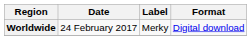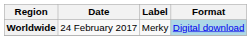 <table class="wikitable plainrowheaders">
 <tr>
 <th scope="col">Region</th>
 <th scope="col">Date</th>
 <th scope="col">Label</th>
 <th scope="col">Format</th>
 </tr>
 <tr>
 <th scope="row">Worldwide</th>
 <td>24 February 2017</td>
 <td>Merky</td>
-<td><a href='#'>Digital download</a></td>
+<td style="background: lightblue;"><a href='#'>Digital download</a></td>
 </tr>
 <tr>
 </tr>
 </table>
